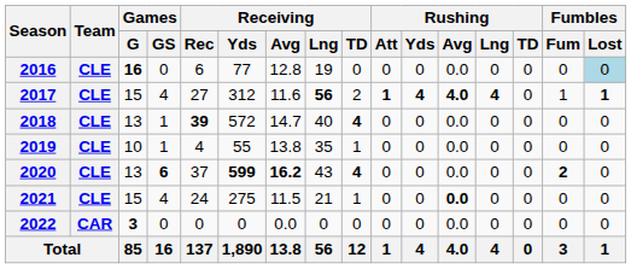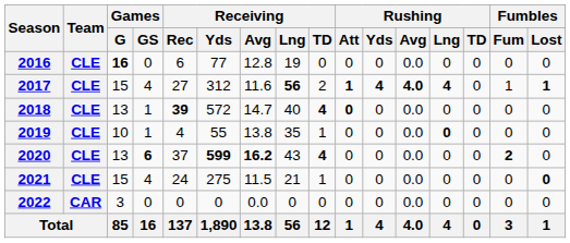 <table class=wikitable style="text-align:center;">
 <tr>
 <th rowspan="2">Season</th>
 <th rowspan="2">Team</th>
 <th colspan="2">Games</th>
 <th colspan="5">Receiving</th>
 <th colspan="5">Rushing</th>
 <th colspan="2">Fumbles</th>
 </tr>
 <tr>
 <th>G</th>
 <th>GS</th>
 <th>Rec</th>
 <th>Yds</th>
 <th>Avg</th>
 <th>Lng</th>
 <th>TD</th>
 <th>Att</th>
 <th>Yds</th>
 <th>Avg</th>
 <th>Lng</th>
 <th>TD</th>
 <th>Fum</th>
 <th>Lost</th>
 </tr>
 <tr>
 <th><a href='#'>2016</a></th>
 <th><a href='#'>CLE</a></th>
 <td><strong>16</strong></td>
 <td>0</td>
 <td>6</td>
 <td>77</td>
 <td>12.8</td>
 <td>19</td>
 <td>0</td>
 <td>0</td>
 <td>0</td>
 <td>0.0</td>
 <td>0</td>
 <td>0</td>
 <td>0</td>
-<td style="background: lightblue;">0</td>
+<td>0</td>
 </tr>
 <tr>
 <th><a href='#'>2017</a></th>
 <th><a href='#'>CLE</a></th>
 <td>15</td>
 <td>4</td>
 <td>27</td>
 <td>312</td>
 <td>11.6</td>
 <td><strong>56</strong></td>
 <td>2</td>
 <td><strong>1</strong></td>
 <td><strong>4</strong></td>
 <td><strong>4.0</strong></td>
 <td><strong>4</strong></td>
 <td>0</td>
 <td>1</td>
 <td><strong>1</strong></td>
 </tr>
 <tr>
 <th><a href='#'>2018</a></th>
 <th><a href='#'>CLE</a></th>
 <td>13</td>
 <td>1</td>
 <td><strong>39</strong></td>
 <td>572</td>
 <td>14.7</td>
 <td>40</td>
 <td><strong>4</strong></td>
-<td>0</td>
+<td><strong>0</strong></td>
 <td>0</td>
 <td>0.0</td>
 <td>0</td>
 <td>0</td>
 <td>0</td>
 <td>0</td>
 </tr>
 <tr>
 <th><a href='#'>2019</a></th>
 <th><a href='#'>CLE</a></th>
 <td>10</td>
 <td>1</td>
 <td>4</td>
 <td>55</td>
 <td>13.8</td>
 <td>35</td>
 <td>1</td>
 <td>0</td>
 <td>0</td>
 <td>0.0</td>
-<td>0</td>
+<td><strong>0</strong></td>
 <td>0</td>
 <td>0</td>
 <td>0</td>
 </tr>
 <tr>
 <th><a href='#'>2020</a></th>
 <th><a href='#'>CLE</a></th>
 <td>13</td>
 <td><strong>6</strong></td>
 <td>37</td>
 <td><strong>599</strong></td>
 <td><strong>16.2</strong></td>
 <td>43</td>
 <td><strong>4</strong></td>
 <td>0</td>
 <td>0</td>
 <td>0.0</td>
 <td>0</td>
 <td>0</td>
 <td><strong>2</strong></td>
 <td>0</td>
 </tr>
 <tr>
 <th><a href='#'>2021</a></th>
 <th><a href='#'>CLE</a></th>
 <td>15</td>
 <td>4</td>
 <td>24</td>
 <td>275</td>
 <td>11.5</td>
 <td>21</td>
 <td>1</td>
 <td>0</td>
 <td>0</td>
-<td><strong>0.0</strong></td>
+<td>0.0</td>
 <td>0</td>
 <td>0</td>
 <td>0</td>
-<td>0</td>
+<td><strong>0</strong></td>
 </tr>
 <tr>
 <th><a href='#'>2022</a></th>
 <th><a href='#'>CAR</a></th>
-<td><strong>3</strong></td>
+<td>3</td>
 <td>0</td>
 <td>0</td>
 <td>0</td>
 <td>0.0</td>
 <td>0</td>
 <td>0</td>
 <td>0</td>
 <td>0</td>
 <td>0.0</td>
 <td>0</td>
 <td>0</td>
 <td>0</td>
 <td>0</td>
 </tr>
 <tr>
 <th colspan="2">Total</th>
 <th>85</th>
 <th>16</th>
 <th>137</th>
 <th>1,890</th>
 <th>13.8</th>
 <th>56</th>
 <th>12</th>
 <th>1</th>
 <th>4</th>
 <th>4.0</th>
 <th>4</th>
 <th>0</th>
 <th>3</th>
 <th>1</th>
 </tr>
 </table>
